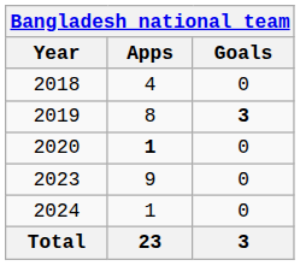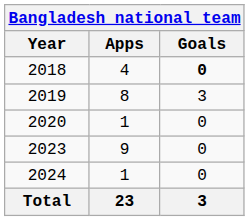 <table class=wikitable style=text-align:center>
 <tr>
 <th colspan=3><a href='#'>Bangladesh national team</a></th>
 </tr>
 <tr>
 <th>Year</th>
 <th>Apps</th>
 <th>Goals</th>
 </tr>
 <tr>
 <td>2018</td>
 <td>4</td>
-<td>0</td>
+<td><strong>0</strong></td>
 </tr>
 <tr>
 <td>2019</td>
 <td>8</td>
-<td><strong>3</strong></td>
+<td>3</td>
 </tr>
 <tr>
 <td>2020</td>
-<td><strong>1</strong></td>
+<td>1</td>
 <td>0</td>
 </tr>
 <tr>
 <td>2023</td>
 <td>9</td>
 <td>0</td>
 </tr>
 <tr>
 <td>2024</td>
 <td>1</td>
 <td>0</td>
 </tr>
 <tr>
 <th colspan=1>Total</th>
 <th>23</th>
 <th>3</th>
 </tr>
 </table>
